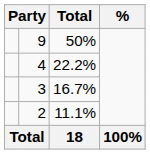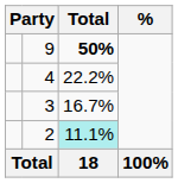 <table class=wikitable style="text-align:right; display: inline-table;">
 <tr>
 <th colspan=2>Party</th>
 <th>Total</th>
 <th>%</th>
 </tr>
 <tr>
 <td></td>
 <td>9</td>
-<td>50%</td>
+<td><strong>50%</strong></td>
 </tr>
 <tr>
 <td></td>
 <td>4</td>
 <td>22.2%</td>
 </tr>
 <tr>
 <td></td>
 <td>3</td>
 <td>16.7%</td>
 </tr>
 <tr>
 <td></td>
 <td>2</td>
-<td>11.1%</td>
+<td style="background: paleturquoise;">11.1%</td>
 </tr>
 <tr>
 <th colspan=2>Total</th>
 <th>18</th>
 <th>100%</th>
 </tr>
 </table>
